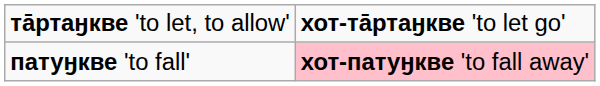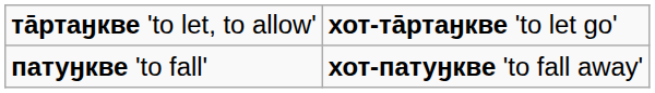 <table class="wikitable">
 <tr>
 <td><strong>та̄ртаӈкве</strong> 'to let, to allow'</td>
 <td><strong>хот-та̄ртаӈкве</strong> 'to let go'</td>
 </tr>
 <tr>
 <td><strong>патуӈкве</strong> 'to fall'</td>
-<td style="background: pink;"><strong>хот-патуӈкве</strong> 'to fall away'</td>
+<td><strong>хот-патуӈкве</strong> 'to fall away'</td>
 </tr>
 </table>
